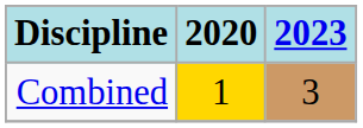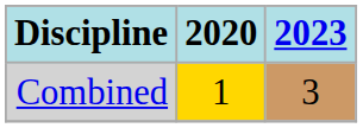 <table class="wikitable" style="text-align: center;">
 <tr style="background: #b0e0e6;">
 <td><strong>Discipline</strong></td>
 <td><strong>2020</strong></td>
 <td><strong><a href='#'>2023</a></strong></td>
 </tr>
 <tr>
-<td align="right"><a href='#'>Combined</a></td>
+<td align="right" style="background: lightgrey;"><a href='#'>Combined</a></td>
 <td bgcolor=gold>1</td>
 <td style="background: #cc9966">3</td>
 </tr>
 <tr>
 </tr>
 </table>
